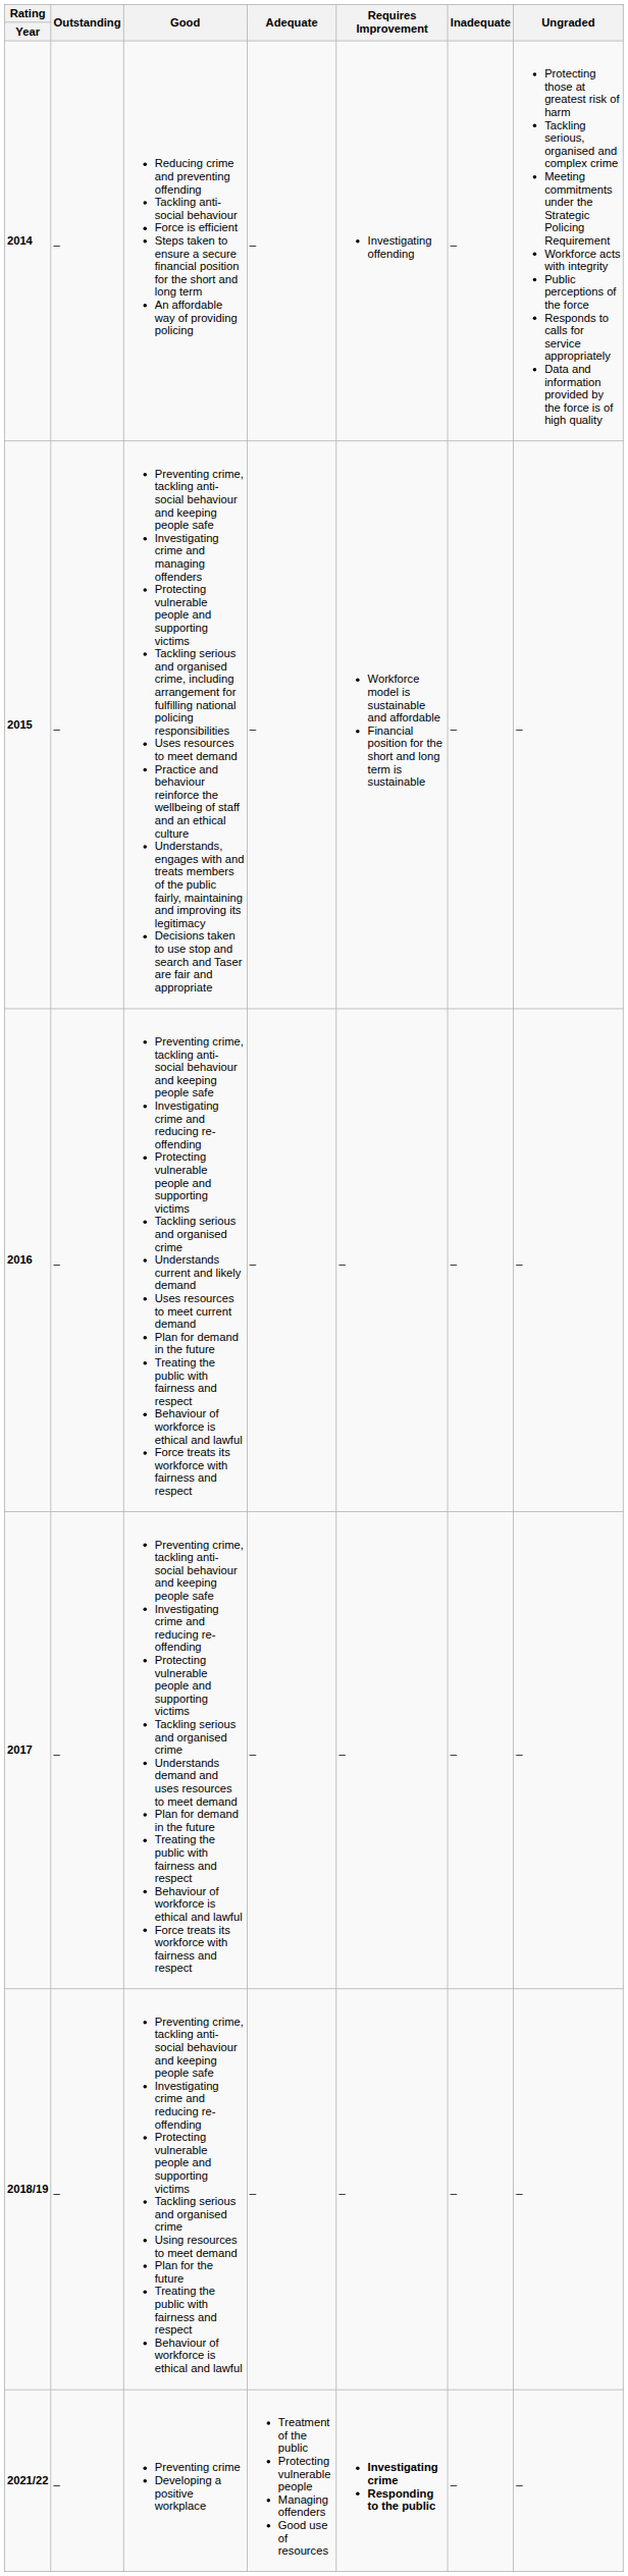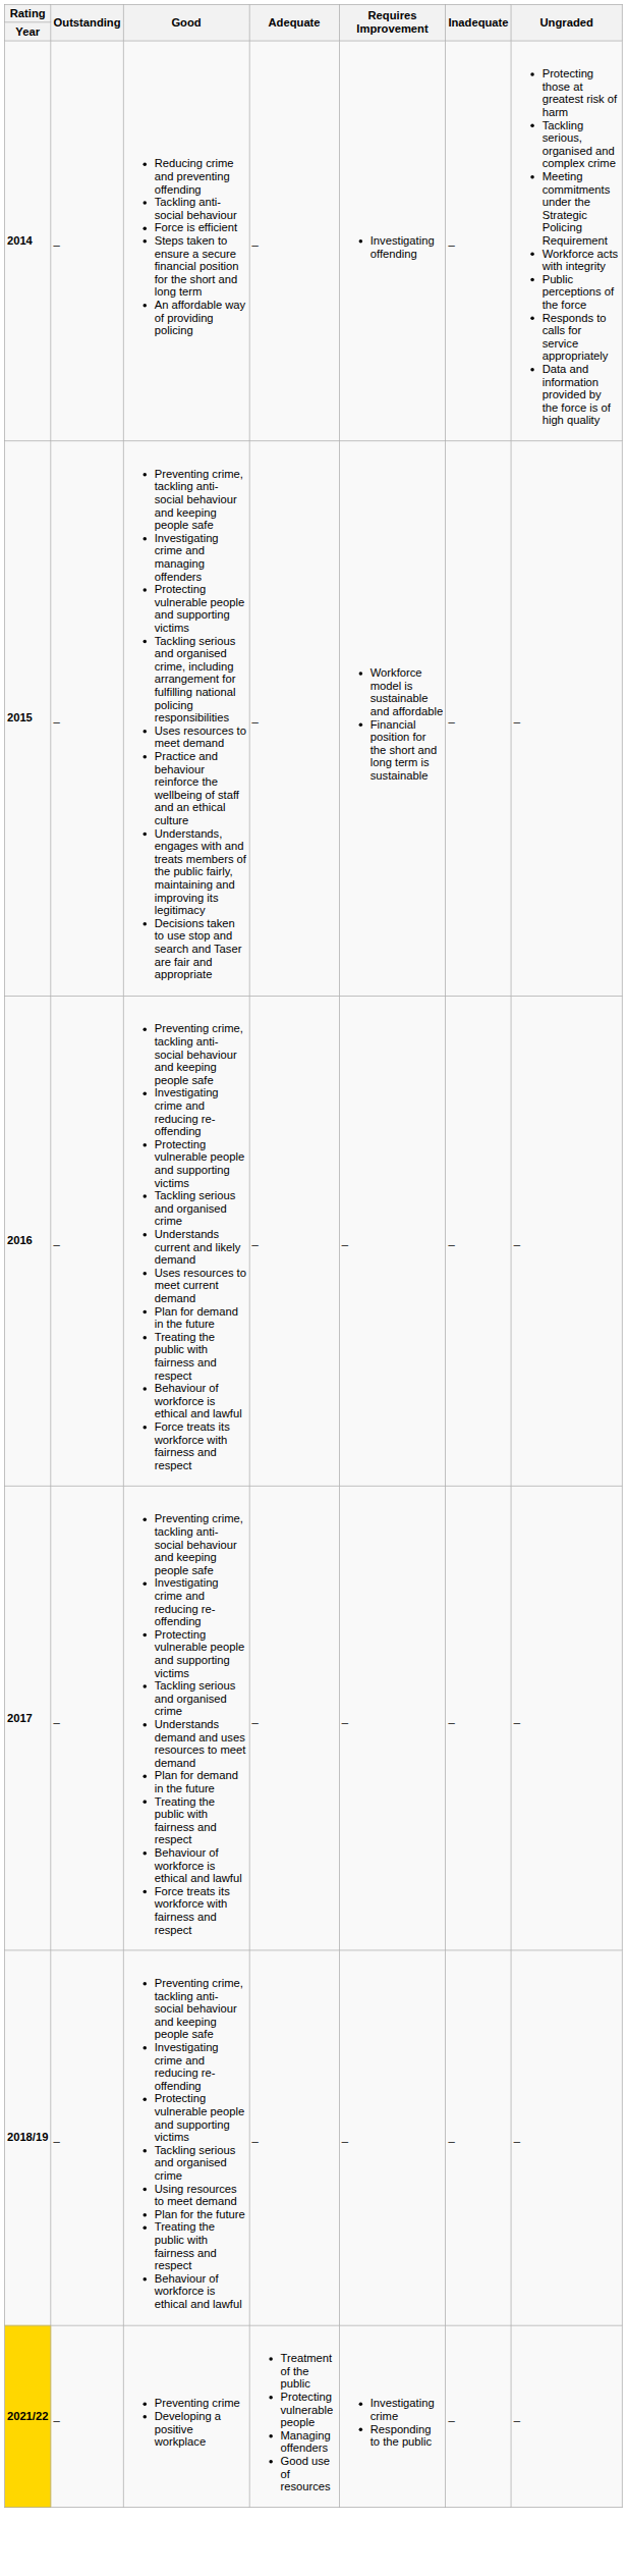 <table class="wikitable">
 <tr>
 <th>Rating</th>
 <th rowspan="2">Outstanding</th>
 <th rowspan="2">Good</th>
 <th rowspan="2">Adequate</th>
 <th rowspan="2">Requires Improvement</th>
 <th rowspan="2">Inadequate</th>
 <th rowspan="2">Ungraded</th>
 </tr>
 <tr>
 <th>Year</th>
 </tr>
 <tr>
 <td><strong>2014</strong></td>
 <td>_</td>
 <td><br><ul><li>Reducing crime and preventing offending</li><li>Tackling anti-social behaviour</li><li>Force is efficient</li><li>Steps taken to ensure a secure financial position for the short and long term</li><li>An affordable way of providing policing</li></ul></td>
 <td>_</td>
 <td><br><ul><li>Investigating offending</li></ul></td>
 <td>_</td>
 <td><br><ul><li>Protecting those at greatest risk of harm</li><li>Tackling serious, organised and complex crime</li><li>Meeting commitments under the Strategic Policing Requirement</li><li>Workforce acts with integrity</li><li>Public perceptions of the force</li><li>Responds to calls for service appropriately</li><li>Data and information provided by the force is of high quality</li></ul></td>
 </tr>
 <tr>
 <td><strong>2015</strong></td>
 <td>_</td>
 <td><br><ul><li>Preventing crime, tackling anti-social behaviour and keeping people safe</li><li>Investigating crime and managing offenders</li><li>Protecting vulnerable people and supporting victims</li><li>Tackling serious and organised crime, including arrangement for fulfilling national policing responsibilities</li><li>Uses resources to meet demand</li><li>Practice and behaviour reinforce the wellbeing of staff and an ethical culture</li><li>Understands, engages with and treats members of the public fairly, maintaining and improving its legitimacy</li><li>Decisions taken to use stop and search and Taser are fair and appropriate</li></ul></td>
 <td>_</td>
 <td><br><ul><li>Workforce model is sustainable and affordable</li><li>Financial position for the short and long term is sustainable</li></ul></td>
 <td>_</td>
 <td>_</td>
 </tr>
 <tr>
 <td><strong>2016</strong></td>
 <td>_</td>
 <td><br><ul><li>Preventing crime, tackling anti-social behaviour and keeping people safe</li><li>Investigating crime and reducing re-offending</li><li>Protecting vulnerable people and supporting victims</li><li>Tackling serious and organised crime</li><li>Understands current and likely demand</li><li>Uses resources to meet current demand</li><li>Plan for demand in the future</li><li>Treating the public with fairness and respect</li><li>Behaviour of workforce is ethical and lawful</li><li>Force treats its workforce with fairness and respect</li></ul></td>
 <td>_</td>
 <td>_</td>
 <td>_</td>
 <td>_</td>
 </tr>
 <tr>
 <td><strong>2017</strong></td>
 <td>_</td>
 <td><br><ul><li>Preventing crime, tackling anti-social behaviour and keeping people safe</li><li>Investigating crime and reducing re-offending</li><li>Protecting vulnerable people and supporting victims</li><li>Tackling serious and organised crime</li><li>Understands demand and uses resources to meet demand</li><li>Plan for demand in the future</li><li>Treating the public with fairness and respect</li><li>Behaviour of workforce is ethical and lawful</li><li>Force treats its workforce with fairness and respect</li></ul></td>
 <td>_</td>
 <td>_</td>
 <td>_</td>
 <td>_</td>
 </tr>
 <tr>
 <td><strong>2018/19</strong></td>
 <td>_</td>
 <td><br><ul><li>Preventing crime, tackling anti-social behaviour and keeping people safe</li><li>Investigating crime and reducing re-offending</li><li>Protecting vulnerable people and supporting victims</li><li>Tackling serious and organised crime</li><li>Using resources to meet demand</li><li>Plan for the future</li><li>Treating the public with fairness and respect</li><li>Behaviour of workforce is ethical and lawful</li></ul></td>
 <td>_</td>
 <td>_</td>
 <td>_</td>
 <td>_</td>
 </tr>
 <tr>
-<td><strong>2021/22</strong></td>
+<td style="background: gold;"><strong>2021/22</strong></td>
 <td>_</td>
 <td><br><ul><li>Preventing crime</li><li>Developing a positive workplace</li></ul></td>
 <td><br><ul><li>Treatment of the public</li><li>Protecting vulnerable people</li><li>Managing offenders</li><li>Good use of resources</li></ul></td>
-<td><strong><br><ul><li>Investigating crime</li><li>Responding to the public</li></ul></strong></td>
+<td><br><ul><li>Investigating crime</li><li>Responding to the public</li></ul></td>
 <td>_</td>
 <td>_</td>
 </tr>
 </table>
